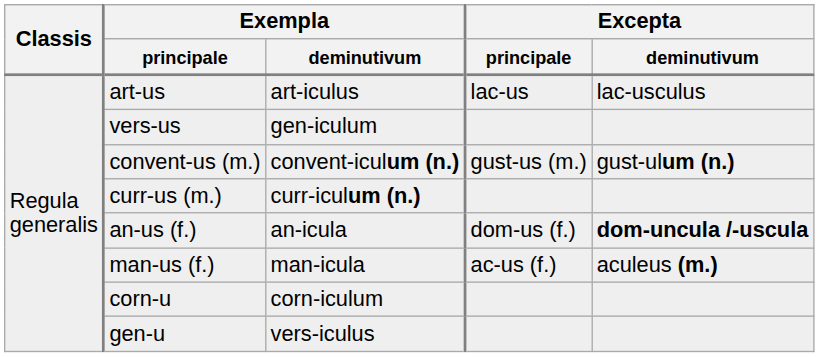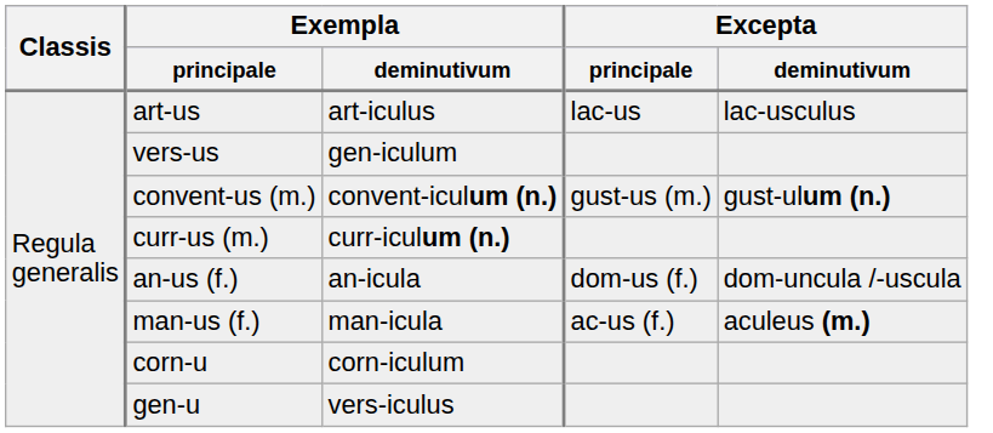 <table class="wikitable">
 <tr style="background:#ccccff;">
 <th rowspan=2 style="border-right:2px solid grey;">Classis</th>
 <th colspan=2>Exempla</th>
 <th colspan=2 style="border-left:2px solid grey;">Excepta</th>
 </tr>
 <tr style="background:#ccccff;">
 <th><small>principale</small></th>
 <th><small>deminutivum</small></th>
 <th style="border-left:2px solid grey;"><small>principale</small></th>
 <th><small>deminutivum</small></th>
 </tr>
 <tr style="background:#efefef; border-top:2px solid grey;">
 <td rowspan=8 style="border-right:2px solid grey;">Regula <br> generalis</td>
 <td>art-us</td>
 <td>art-iculus</td>
 <td style="border-left:2px solid grey;">lac-us</td>
 <td>lac-usculus</td>
 </tr>
 <tr style="background:#efefef;">
 <td>vers-us</td>
 <td>gen-iculum</td>
 <td style="border-left:2px solid grey;"></td>
 <td></td>
 </tr>
 <tr style="background:#efefef;">
 <td>convent-us (m.)</td>
 <td>convent-icul<strong>um (n.)</strong></td>
 <td style="border-left:2px solid grey;">gust-us (m.)</td>
 <td>gust-ul<strong>um (n.)</strong></td>
 </tr>
 <tr style="background:#efefef;">
 <td>curr-us (m.)</td>
 <td>curr-icul<strong>um (n.)</strong></td>
 <td style="border-left:2px solid grey;"></td>
 <td></td>
 </tr>
 <tr style="background:#efefef;">
 <td>an-us (f.)</td>
 <td>an-icula</td>
 <td style="border-left:2px solid grey;">dom-us (f.)</td>
-<td><strong>dom-uncula /-uscula</strong></td>
+<td>dom-uncula /-uscula</td>
 </tr>
 <tr style="background:#efefef;">
 <td>man-us (f.)</td>
 <td>man-icula</td>
 <td style="border-left:2px solid grey;">ac-us (f.)</td>
 <td>aculeus <strong>(m.)</strong></td>
 </tr>
 <tr style="background:#efefef;">
 <td>corn-u</td>
 <td>corn-iculum</td>
 <td style="border-left:2px solid grey;"></td>
 <td></td>
 </tr>
 <tr style="background:#efefef;">
 <td>gen-u</td>
 <td>vers-iculus</td>
 <td style="border-left:2px solid grey;"></td>
 <td></td>
 </tr>
 </table>
